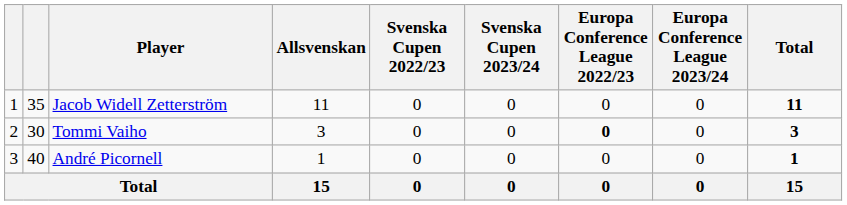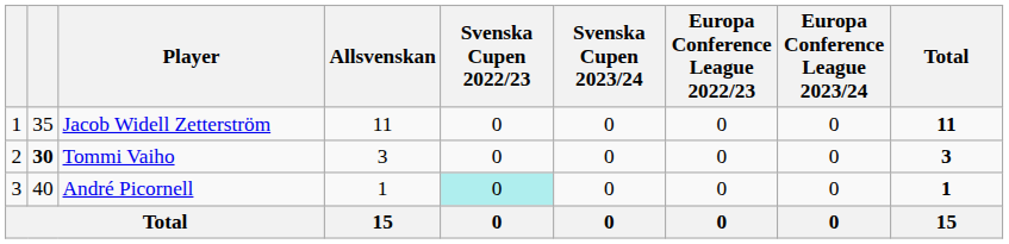 <table class="wikitable sortable" style="text-align: center;">
 <tr>
 <th width=10></th>
 <th width=10></th>
 <th width=200>Player</th>
 <th width=80>Allsvenskan</th>
 <th width=80>Svenska Cupen 2022/23</th>
 <th width=80>Svenska Cupen 2023/24</th>
 <th width=80>Europa Conference League 2022/23</th>
 <th width=80>Europa Conference League 2023/24</th>
 <th width=80>Total</th>
 </tr>
 <tr>
 <td>1</td>
 <td>35</td>
 <td align="left"> <a href='#'>Jacob Widell Zetterström</a></td>
 <td>11</td>
 <td>0</td>
 <td>0</td>
 <td>0</td>
 <td>0</td>
 <td><strong>11</strong></td>
 </tr>
 <tr>
 <td>2</td>
-<td>30</td>
+<td><strong>30</strong></td>
 <td align="left"> <a href='#'>Tommi Vaiho</a></td>
 <td>3</td>
 <td>0</td>
 <td>0</td>
-<td><strong>0</strong></td>
+<td>0</td>
 <td>0</td>
 <td><strong>3</strong></td>
 </tr>
 <tr>
 <td>3</td>
 <td>40</td>
 <td align="left"> <a href='#'>André Picornell</a></td>
 <td>1</td>
-<td>0</td>
+<td style="background: paleturquoise;">0</td>
 <td>0</td>
 <td>0</td>
 <td>0</td>
 <td><strong>1</strong></td>
 </tr>
 <tr>
 <th colspan="3">Total</th>
 <th>15</th>
 <th>0</th>
 <th>0</th>
 <th>0</th>
 <th>0</th>
 <th>15</th>
 </tr>
 </table>
